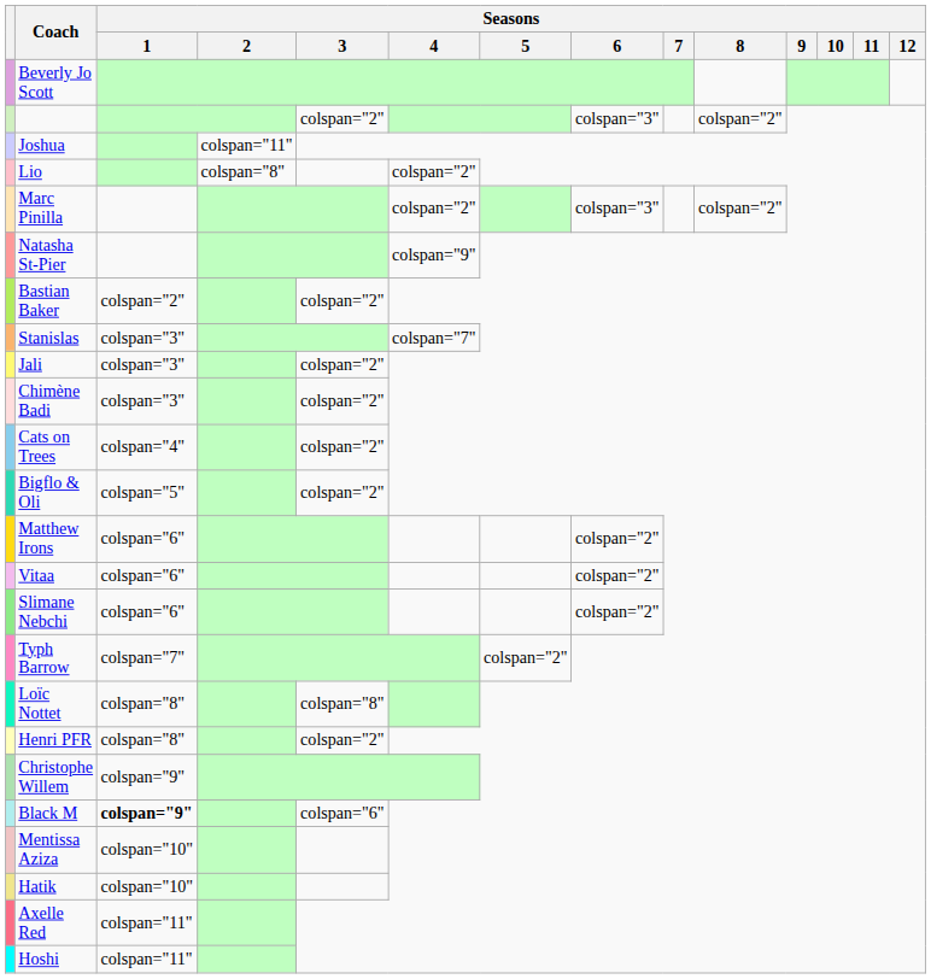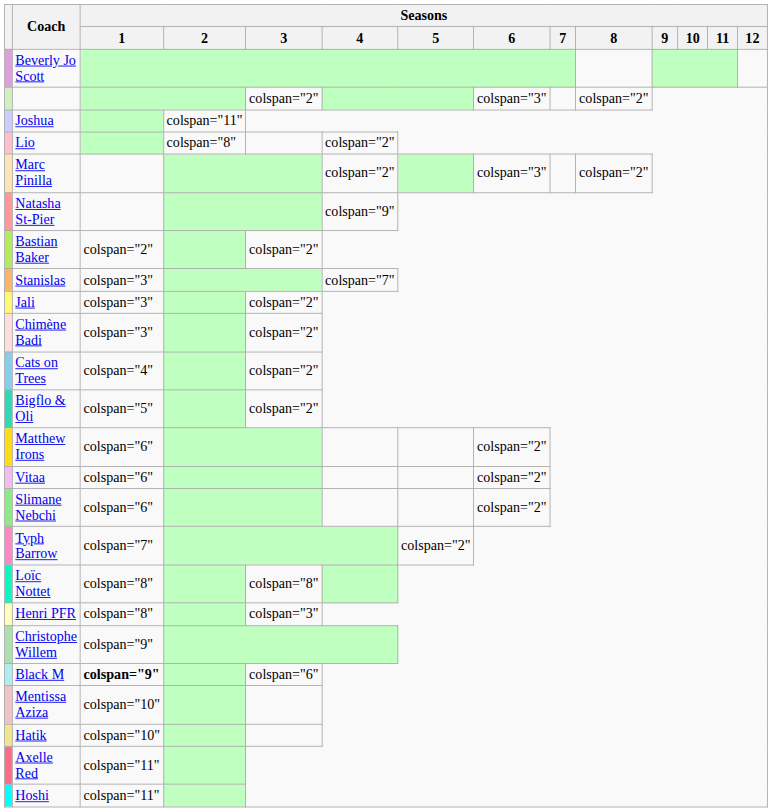 <table class="wikitable">
 <tr>
 <th rowspan="2" style="width:1%"></th>
 <th rowspan="2" width="40">Coach</th>
 <th colspan="19">Seasons</th>
 </tr>
 <tr>
 <th width="40">1</th>
 <th width="40">2</th>
 <th width="40">3</th>
 <th width="40">4</th>
 <th width="40">5</th>
 <th width="40">6</th>
 <th width="40">7</th>
 <th width="40">8</th>
 <th width="40">9</th>
 <th width="40">10</th>
 <th width="40">11</th>
 <th width="40">12</th>
 </tr>
 <tr>
 <th style="background:#dda0dd"></th>
 <td><a href='#'>Beverly Jo Scott</a></td>
 <td colspan="7" style="background:#BFFFC0"></td>
 <td></td>
 <td colspan="3" style="background:#BFFFC0"></td>
 <td></td>
 </tr>
 <tr>
 <th style="background:#d0f0c0"></th>
 <td></td>
 <td colspan="2" style="background:#BFFFC0"></td>
 <td>colspan="2" </td>
 <td colspan="2" style="background:#BFFFC0"></td>
 <td>colspan="3" </td>
 <td></td>
 <td>colspan="2" </td>
 </tr>
 <tr>
 <th style="background:#ccf"></th>
 <td><a href='#'>Joshua</a></td>
 <td style="background:#BFFFC0"></td>
 <td>colspan="11" </td>
 </tr>
 <tr>
 <th style="background:pink"></th>
 <td><a href='#'>Lio</a></td>
 <td style="background:#BFFFC0"></td>
 <td>colspan="8" </td>
 <td></td>
 <td>colspan="2" </td>
 </tr>
 <tr>
 <th style="background:#ffe5b4"></th>
 <td><a href='#'>Marc Pinilla</a></td>
 <td></td>
 <td colspan="2" style="background:#BFFFC0"></td>
 <td>colspan="2" </td>
 <td style="background:#BFFFC0"></td>
 <td>colspan="3" </td>
 <td></td>
 <td>colspan="2" </td>
 </tr>
 <tr>
 <th style="background:#ff9999"></th>
 <td><a href='#'>Natasha St-Pier</a></td>
 <td></td>
 <td colspan="2" style="background:#BFFFC0"></td>
 <td>colspan="9" </td>
 </tr>
 <tr>
 <th style="background:#B2EC5D"></th>
 <td><a href='#'>Bastian Baker</a></td>
 <td>colspan="2" </td>
 <td style="background:#BFFFC0"></td>
 <td>colspan="2" </td>
 </tr>
 <tr>
 <th style="background:#fbb46e"></th>
 <td><a href='#'>Stanislas</a></td>
 <td>colspan="3" </td>
 <td colspan="2" style="background:#BFFFC0"></td>
 <td>colspan="7" </td>
 </tr>
 <tr>
 <th style="background:#fffa73"></th>
 <td><a href='#'>Jali</a></td>
 <td>colspan="3" </td>
 <td style="background:#BFFFC0"></td>
 <td>colspan="2" </td>
 </tr>
 <tr>
 <th style="background:#ffdddd"></th>
 <td><a href='#'>Chimène Badi</a></td>
 <td>colspan="3" </td>
 <td style="background:#BFFFC0"></td>
 <td>colspan="2" </td>
 </tr>
 <tr>
 <th style="background:#87ceed"></th>
 <td><a href='#'>Cats on Trees</a></td>
 <td>colspan="4" </td>
 <td style="background:#BFFFC0"></td>
 <td>colspan="2" </td>
 </tr>
 <tr>
 <th style="background:#2ddab4"></th>
 <td><a href='#'>Bigflo & Oli</a></td>
 <td>colspan="5" </td>
 <td style="background:#BFFFC0"></td>
 <td>colspan="2" </td>
 </tr>
 <tr>
 <th style="background:#ffdb11"></th>
 <td><a href='#'>Matthew Irons</a></td>
 <td>colspan="6" </td>
 <td colspan="2" style="background:#BFFFC0"></td>
 <td></td>
 <td></td>
 <td>colspan="2" </td>
 </tr>
 <tr>
 <th style="background:#f4bbee"></th>
 <td><a href='#'>Vitaa</a></td>
 <td>colspan="6" </td>
 <td colspan="2" style="background:#BFFFC0"></td>
 <td></td>
 <td></td>
 <td>colspan="2" </td>
 </tr>
 <tr>
 <th style="background:#8deb87"></th>
 <td><a href='#'>Slimane Nebchi</a></td>
 <td>colspan="6" </td>
 <td colspan="2" style="background:#BFFFC0"></td>
 <td></td>
 <td></td>
 <td>colspan="2" </td>
 </tr>
 <tr>
 <th style="background:#FF87C3"></th>
 <td><a href='#'>Typh Barrow</a></td>
 <td>colspan="7" </td>
 <td colspan="3" style="background:#BFFFC0"></td>
 <td>colspan="2" </td>
 </tr>
 <tr>
 <th style="background:#0ff7c0"></th>
 <td><a href='#'>Loïc Nottet</a></td>
 <td>colspan="8" </td>
 <td style="background:#BFFFC0"></td>
 <td>colspan="8" </td>
 <td style="background:#BFFFC0"></td>
 </tr>
 <tr>
 <th style="background:#ffffbb"></th>
 <td><a href='#'>Henri PFR</a></td>
 <td>colspan="8" </td>
 <td style="background:#BFFFC0"></td>
-<td>colspan="2" </td>
+<td>colspan="3" </td>
 </tr>
 <tr>
 <th style="background:#ace1af"></th>
 <td><a href='#'>Christophe Willem</a></td>
 <td>colspan="9" </td>
 <td colspan="3" style="background:#BFFFC0"></td>
 </tr>
 <tr>
 <th style="background:#afeeee"></th>
 <td><a href='#'>Black M</a></td>
 <td><strong>colspan="9" </strong></td>
 <td colspan="1" style="background:#BFFFC0"></td>
 <td>colspan="6" </td>
 </tr>
 <tr>
 <th style="background:#f0c4c4"></th>
 <td><a href='#'>Mentissa Aziza</a></td>
 <td>colspan="10" </td>
 <td colspan="1" style="background:#BFFFC0"></td>
 <td></td>
 </tr>
 <tr>
 <th style="background:khaki"></th>
 <td><a href='#'>Hatik</a></td>
 <td>colspan="10" </td>
 <td colspan="1" style="background:#BFFFC0"></td>
 <td></td>
 </tr>
 <tr>
 <th style="background:#FC6C85"></th>
 <td><a href='#'>Axelle Red</a></td>
 <td>colspan="11" </td>
 <td style="background:#BFFFC0"></td>
 </tr>
 <tr>
 <th style="background:#00FFFF"></th>
 <td><a href='#'>Hoshi</a></td>
 <td>colspan="11" </td>
 <td style="background:#BFFFC0"></td>
 </tr>
 </table>
